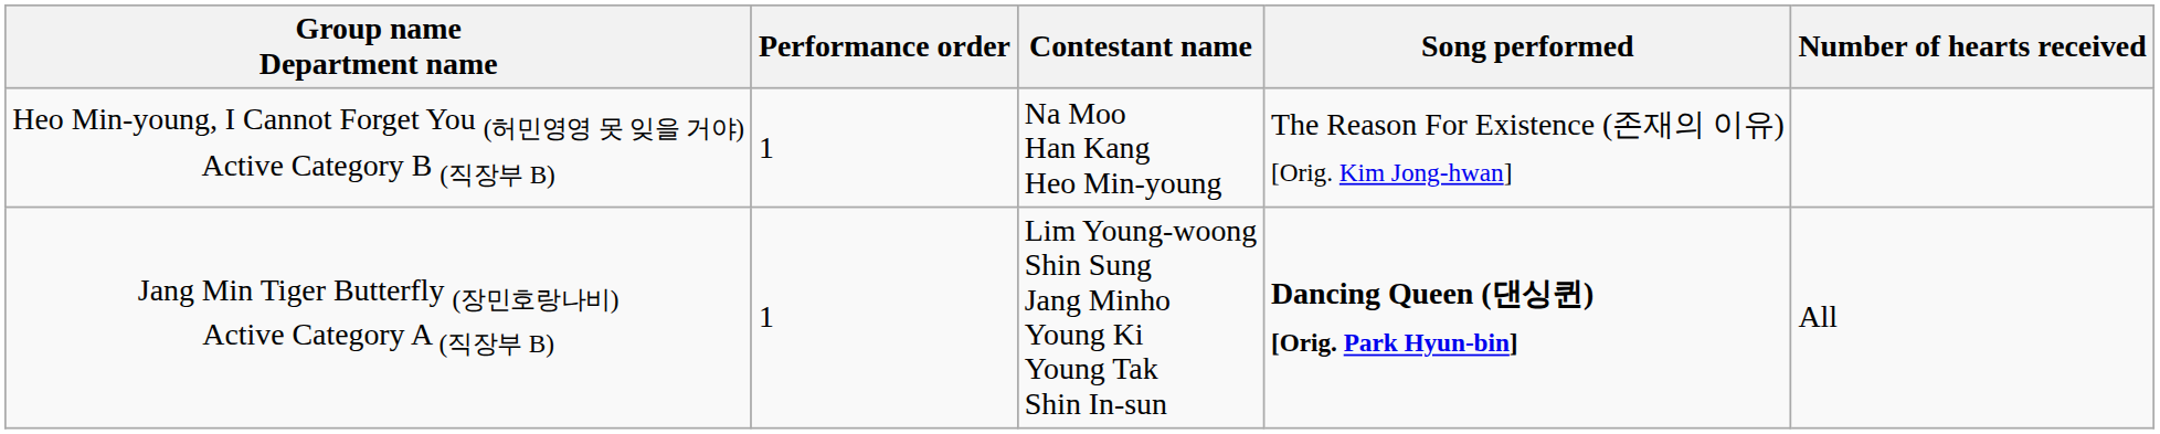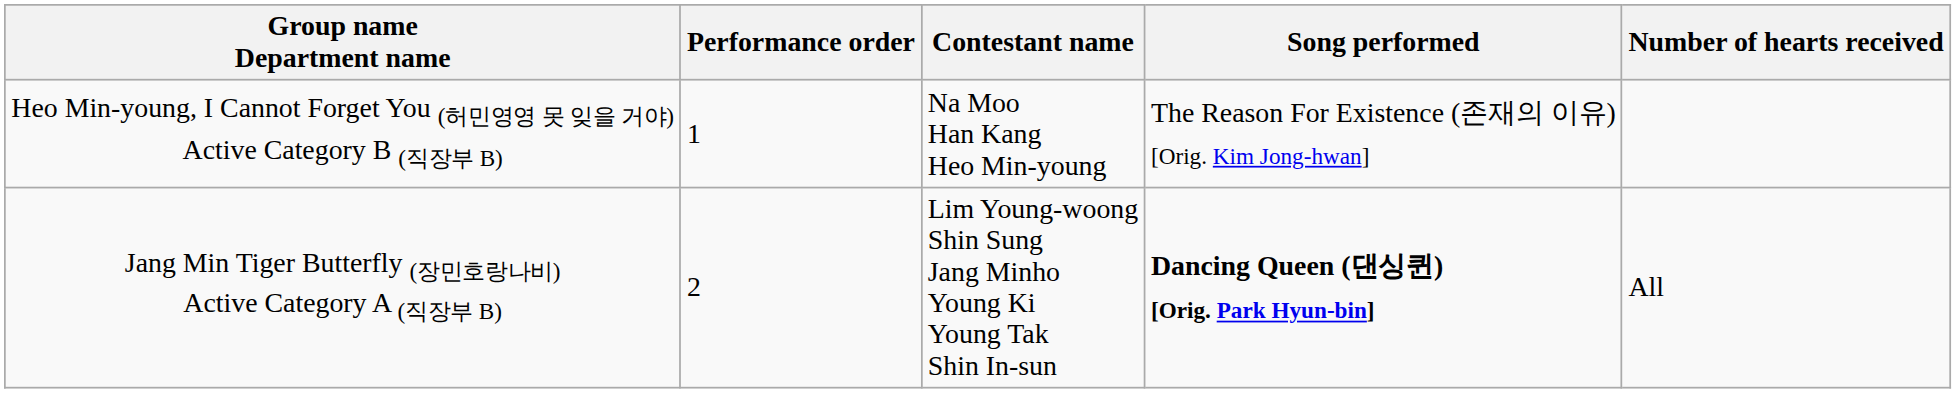 <table class="wikitable">
 <tr>
 <th>Group name<br>Department name</th>
 <th>Performance order</th>
 <th>Contestant name</th>
 <th>Song performed</th>
 <th>Number of hearts received</th>
 </tr>
 <tr>
 <td align=center>Heo Min-young, I Cannot Forget You <sub>(허민영영 못 잊을 거야)</sub><br>Active Category B <sub>(직장부 B)</sub></td>
 <td>1</td>
 <td>Na Moo<br>Han Kang<br>Heo Min-young</td>
 <td>The Reason For Existence (존재의 이유)<br><sub>[Orig. <a href='#'>Kim Jong-hwan</a>]</sub></td>
 <td></td>
 </tr>
 <tr>
 <td align=center>Jang Min Tiger Butterfly <sub>(장민호랑나비)</sub><br>Active Category A <sub>(직장부 B)</sub></td>
-<td>1</td>
+<td>2</td>
 <td>Lim Young-woong<br>Shin Sung<br>Jang Minho<br>Young Ki<br>Young Tak<br>Shin In-sun</td>
 <td><strong>Dancing Queen (댄싱퀸)<br><sub>[Orig. <a href='#'>Park Hyun-bin</a>]</sub></strong></td>
 <td>All</td>
 </tr>
 </table>
